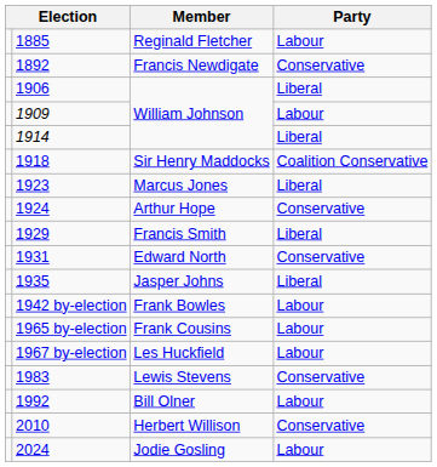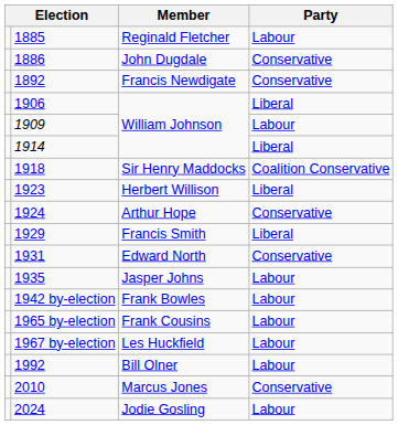 <table class="wikitable">
 <tr>
 <th colspan="2">Election</th>
 <th>Member</th>
 <th>Party</th>
 </tr>
 <tr>
 <td style="color:inherit;background-color: "></td>
 <td><a href='#'>1885</a></td>
 <td><a href='#'>Reginald Fletcher</a></td>
 <td><a href='#'>Labour</a></td>
+</tr>
+<tr>
+<td style="color:inherit;background-color: "></td>
+<td><a href='#'>1886</a></td>
+<td><a href='#'>John Dugdale</a></td>
+<td><a href='#'>Conservative</a></td>
 </tr>
 <tr>
 <td style="color:inherit;background-color: "></td>
 <td><a href='#'>1892</a></td>
 <td><a href='#'>Francis Newdigate</a></td>
 <td><a href='#'>Conservative</a></td>
 </tr>
 <tr>
 <td style="color:inherit;background-color: "></td>
 <td><a href='#'>1906</a></td>
 <td rowspan="3"><a href='#'>William Johnson</a></td>
 <td><a href='#'>Liberal</a></td>
 </tr>
 <tr>
 <td style="color:inherit;background-color: "></td>
 <td><em>1909</em></td>
 <td><a href='#'>Labour</a></td>
 </tr>
 <tr>
 <td style="color:inherit;background-color: "></td>
 <td><em>1914</em></td>
 <td><a href='#'>Liberal</a></td>
 </tr>
 <tr>
 <td style="color:inherit;background-color: "></td>
 <td><a href='#'>1918</a></td>
 <td><a href='#'>Sir Henry Maddocks</a></td>
 <td><a href='#'>Coalition Conservative</a></td>
 </tr>
 <tr>
 <td style="color:inherit;background-color: "></td>
 <td><a href='#'>1923</a></td>
-<td><a href='#'>Marcus Jones</a></td>
+<td><a href='#'>Herbert Willison</a></td>
 <td><a href='#'>Liberal</a></td>
 </tr>
 <tr>
 <td style="color:inherit;background-color: "></td>
 <td><a href='#'>1924</a></td>
 <td><a href='#'>Arthur Hope</a></td>
 <td><a href='#'>Conservative</a></td>
 </tr>
 <tr>
 <td style="color:inherit;background-color: "></td>
 <td><a href='#'>1929</a></td>
 <td><a href='#'>Francis Smith</a></td>
 <td><a href='#'>Liberal</a></td>
 </tr>
 <tr>
 <td style="color:inherit;background-color: "></td>
 <td><a href='#'>1931</a></td>
 <td><a href='#'>Edward North</a></td>
 <td><a href='#'>Conservative</a></td>
 </tr>
 <tr>
 <td style="color:inherit;background-color: "></td>
 <td><a href='#'>1935</a></td>
 <td><a href='#'>Jasper Johns</a></td>
-<td><a href='#'>Liberal</a></td>
+<td><a href='#'>Labour</a></td>
 </tr>
 <tr>
 <td style="color:inherit;background-color: "></td>
 <td><a href='#'>1942 by-election</a></td>
 <td><a href='#'>Frank Bowles</a></td>
 <td><a href='#'>Labour</a></td>
 </tr>
 <tr>
 <td style="color:inherit;background-color: "></td>
 <td><a href='#'>1965 by-election</a></td>
 <td><a href='#'>Frank Cousins</a></td>
 <td><a href='#'>Labour</a></td>
 </tr>
 <tr>
 <td style="color:inherit;background-color: "></td>
 <td><a href='#'>1967 by-election</a></td>
 <td><a href='#'>Les Huckfield</a></td>
 <td><a href='#'>Labour</a></td>
 </tr>
 <tr>
 <td style="color:inherit;background-color: "></td>
-<td><a href='#'>1983</a></td>
-<td><a href='#'>Lewis Stevens</a></td>
-<td><a href='#'>Conservative</a></td>
-</tr>
-<tr>
-<td style="color:inherit;background-color: "></td>
 <td><a href='#'>1992</a></td>
 <td><a href='#'>Bill Olner</a></td>
 <td><a href='#'>Labour</a></td>
 </tr>
 <tr>
 <td style="color:inherit;background-color: "></td>
 <td><a href='#'>2010</a></td>
-<td><a href='#'>Herbert Willison</a></td>
+<td><a href='#'>Marcus Jones</a></td>
 <td><a href='#'>Conservative</a></td>
 </tr>
 <tr>
 <td style="color:inherit;background-color: "></td>
 <td><a href='#'>2024</a></td>
 <td><a href='#'>Jodie Gosling</a></td>
 <td><a href='#'>Labour</a></td>
 </tr>
 </table>
